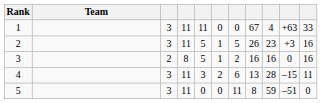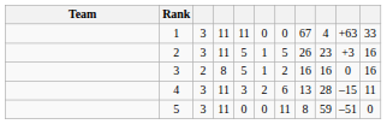 <table class="wikitable sortable" style="text-align:center">
 <tr>
+<th width=200>Team</th>
 <th width=20>Rank</th>
-<th width=200>Team</th>
 <th width=20></th>
 <th width=20></th>
 <th width=20></th>
 <th width=20></th>
 <th width=20></th>
 <th width=20></th>
 <th width=20></th>
 <th width=20></th>
 <th width=20></th>
 </tr>
 <tr>
+<td align=left></td>
 <td>1</td>
-<td align=left></td>
 <td>3</td>
 <td>11</td>
 <td>11</td>
 <td>0</td>
 <td>0</td>
 <td>67</td>
 <td>4</td>
 <td>+63</td>
 <td>33</td>
 </tr>
 <tr>
+<td align=left></td>
 <td>2</td>
-<td align=left></td>
 <td>3</td>
 <td>11</td>
 <td>5</td>
 <td>1</td>
 <td>5</td>
 <td>26</td>
 <td>23</td>
 <td>+3</td>
 <td>16</td>
 </tr>
 <tr>
+<td align=left></td>
 <td>3</td>
-<td align=left></td>
 <td>2</td>
 <td>8</td>
 <td>5</td>
 <td>1</td>
 <td>2</td>
 <td>16</td>
 <td>16</td>
 <td>0</td>
 <td>16</td>
 </tr>
 <tr>
+<td align=left></td>
 <td>4</td>
-<td align=left></td>
 <td>3</td>
 <td>11</td>
 <td>3</td>
 <td>2</td>
 <td>6</td>
 <td>13</td>
 <td>28</td>
 <td>–15</td>
 <td>11</td>
 </tr>
 <tr>
+<td align=left></td>
 <td>5</td>
-<td align=left></td>
 <td>3</td>
 <td>11</td>
 <td>0</td>
 <td>0</td>
 <td>11</td>
 <td>8</td>
 <td>59</td>
 <td>–51</td>
 <td>0</td>
 </tr>
 </table>
